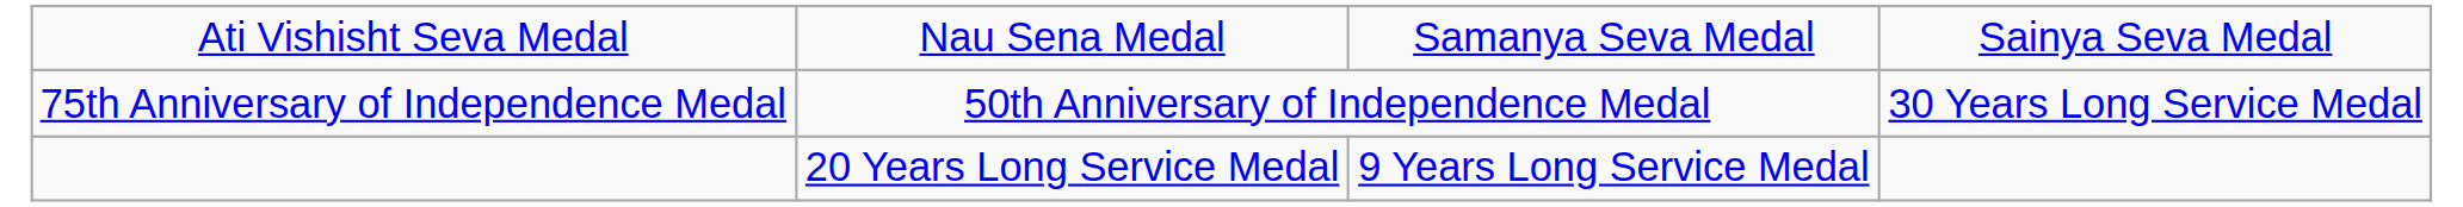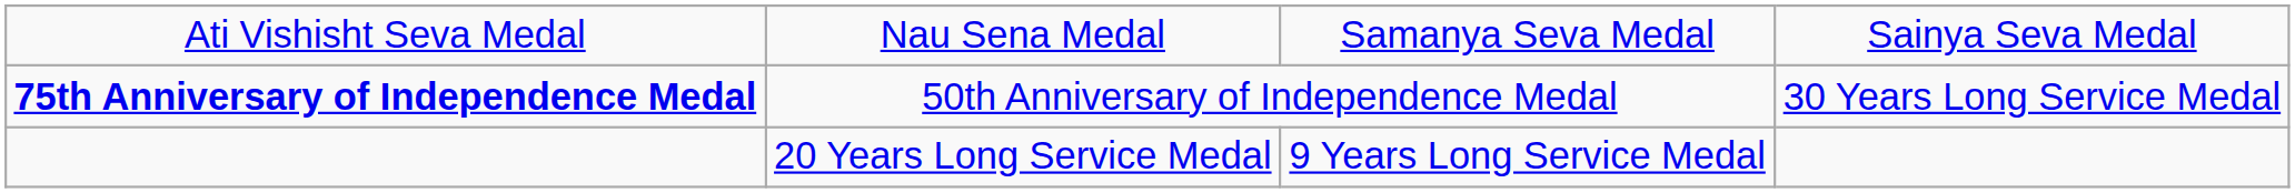 <table class="wikitable" style="margin:1em auto; text-align:center;">
 <tr>
 <td><a href='#'>Ati Vishisht Seva Medal</a></td>
 <td><a href='#'>Nau Sena Medal</a></td>
 <td><a href='#'>Samanya Seva Medal</a></td>
 <td><a href='#'>Sainya Seva Medal</a></td>
 </tr>
 <tr>
-<td><a href='#'>75th Anniversary of Independence Medal</a></td>
+<td><strong><a href='#'>75th Anniversary of Independence Medal</a></strong></td>
 <td colspan=2><a href='#'>50th Anniversary of Independence Medal</a></td>
 <td><a href='#'>30 Years Long Service Medal</a></td>
 </tr>
 <tr>
 <td></td>
 <td><a href='#'>20 Years Long Service Medal</a></td>
 <td><a href='#'>9 Years Long Service Medal</a></td>
 <td></td>
 </tr>
 </table>
